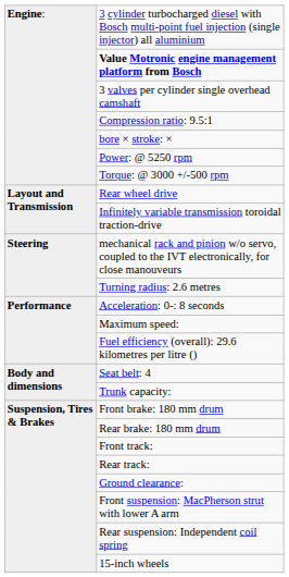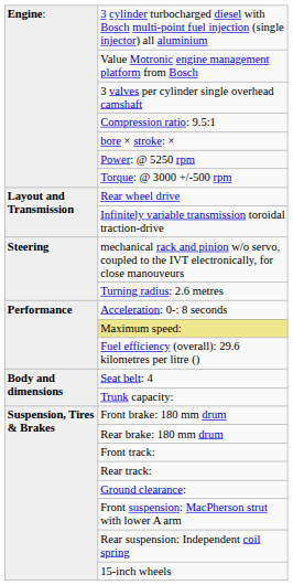 <table class="wikitable" style="float:left; width:390px;">
 <tr>
 <td rowspan="7" style="vertical-align:top; background:#efefef;"><strong>Engine</strong>:</td>
 <td><a href='#'>3</a> <a href='#'>cylinder</a> turbocharged <a href='#'>diesel</a> with <a href='#'>Bosch</a> <a href='#'>multi-point fuel injection</a> (single <a href='#'>injector</a>) all <a href='#'>aluminium</a>  </td>
 </tr>
 <tr>
-<td><strong>Value <a href='#'>Motronic</a> <a href='#'>engine management platform</a> from <a href='#'>Bosch</a></strong></td>
+<td>Value <a href='#'>Motronic</a> <a href='#'>engine management platform</a> from <a href='#'>Bosch</a></td>
 </tr>
 <tr>
 <td>3 <a href='#'>valves</a> per cylinder single overhead <a href='#'>camshaft</a></td>
 </tr>
 <tr>
 <td><a href='#'>Compression ratio</a>: 9.5:1</td>
 </tr>
 <tr>
 <td><a href='#'>bore</a> × <a href='#'>stroke</a>:  × </td>
 </tr>
 <tr>
 <td><a href='#'>Power</a>:  @ 5250 <a href='#'>rpm</a></td>
 </tr>
 <tr>
 <td><a href='#'>Torque</a>:  @ 3000 +/-500 <a href='#'>rpm</a></td>
 </tr>
 <tr>
 <td rowspan="2" style="vertical-align:top; background:#efefef;"><strong>Layout and Transmission</strong></td>
 <td><a href='#'>Rear wheel drive</a></td>
 </tr>
 <tr>
 <td><a href='#'>Infinitely variable transmission</a> toroidal traction-drive</td>
 </tr>
 <tr>
 <td rowspan="2" style="vertical-align:top; background:#efefef;"><strong>Steering</strong></td>
 <td>mechanical <a href='#'>rack and pinion</a> w/o servo, coupled to the IVT electronically, for close manouveurs</td>
 </tr>
 <tr>
 <td><a href='#'>Turning radius</a>: 2.6 metres</td>
 </tr>
 <tr>
 <td rowspan="3" style="vertical-align:top; background:#efefef;"><strong>Performance</strong></td>
 <td><a href='#'>Acceleration</a>: 0-: 8 seconds</td>
 </tr>
 <tr>
-<td>Maximum speed: </td>
+<td style="background: khaki;">Maximum speed: </td>
 </tr>
 <tr>
 <td><a href='#'>Fuel efficiency</a> (overall): 29.6 kilometres per litre ()</td>
 </tr>
 <tr>
 <td rowspan="2" style="vertical-align:top; background:#efefef;"><strong>Body and dimensions</strong></td>
 <td><a href='#'>Seat belt</a>: 4</td>
 </tr>
 <tr>
 <td><a href='#'>Trunk</a> capacity: </td>
 </tr>
 <tr>
 <td rowspan="8" style="vertical-align:top; background:#efefef;"><strong>Suspension, Tires & Brakes</strong></td>
 <td>Front brake: 180 mm <a href='#'>drum</a></td>
 </tr>
 <tr>
 <td>Rear brake: 180 mm <a href='#'>drum</a></td>
 </tr>
 <tr>
 <td>Front track: </td>
 </tr>
 <tr>
 <td>Rear track: </td>
 </tr>
 <tr>
 <td><a href='#'>Ground clearance</a>: </td>
 </tr>
 <tr>
 <td>Front <a href='#'>suspension</a>: <a href='#'>MacPherson strut</a> with lower A arm</td>
 </tr>
 <tr>
 <td>Rear suspension: Independent <a href='#'>coil spring</a></td>
 </tr>
 <tr>
 <td>15-inch wheels</td>
 </tr>
 </table>
